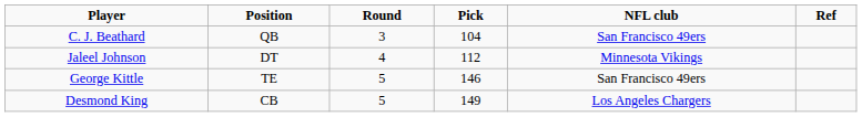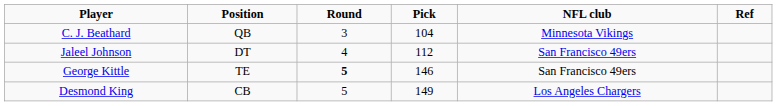 <table class="wikitable" width="80%">
 <tr align="center">
 <td><strong>Player</strong></td>
 <td><strong>Position</strong></td>
 <td><strong>Round</strong></td>
 <td><strong>Pick</strong></td>
 <td><strong>NFL club</strong></td>
 <td><strong>Ref</strong></td>
 </tr>
 <tr align="center" bgcolor="">
 <td><a href='#'>C. J. Beathard</a></td>
 <td>QB</td>
 <td>3</td>
 <td>104</td>
-<td><a href='#'>San Francisco 49ers</a></td>
+<td><a href='#'>Minnesota Vikings</a></td>
 <td></td>
 </tr>
 <tr align="center" bgcolor="">
 <td><a href='#'>Jaleel Johnson</a></td>
 <td>DT</td>
 <td>4</td>
 <td>112</td>
-<td><a href='#'>Minnesota Vikings</a></td>
+<td><a href='#'>San Francisco 49ers</a></td>
 <td></td>
 </tr>
 <tr align="center" bgcolor="">
 <td><a href='#'>George Kittle</a></td>
 <td>TE</td>
-<td>5</td>
+<td><strong>5</strong></td>
 <td>146</td>
 <td>San Francisco 49ers</td>
 <td></td>
 </tr>
 <tr align="center" bgcolor="">
 <td><a href='#'>Desmond King</a></td>
 <td>CB</td>
 <td>5</td>
 <td>149</td>
 <td><a href='#'>Los Angeles Chargers</a></td>
 <td></td>
 </tr>
 </table>
